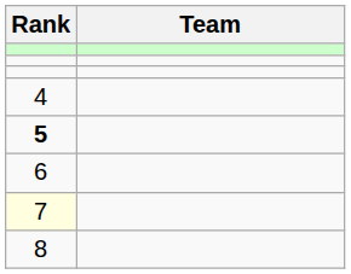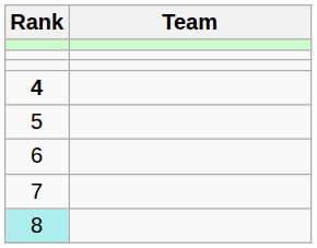 <table class="wikitable">
 <tr>
 <th>Rank</th>
 <th width=170>Team</th>
 </tr>
 <tr bgcolor=#ccffcc>
 <td align=center></td>
 <td></td>
 </tr>
 <tr>
 <td align=center></td>
 <td></td>
 </tr>
 <tr>
 <td align=center></td>
 <td></td>
 </tr>
 <tr>
-<td align=center>4</td>
+<td align=center><strong>4</strong></td>
 <td></td>
 </tr>
 <tr>
-<td align=center><strong>5</strong></td>
+<td align=center>5</td>
 <td></td>
 </tr>
 <tr>
 <td align=center>6</td>
 <td></td>
 </tr>
 <tr>
-<td align=center style="background: lightyellow;">7</td>
+<td align=center>7</td>
 <td></td>
 </tr>
 <tr>
-<td align=center>8</td>
+<td align=center style="background: paleturquoise;">8</td>
 <td></td>
 </tr>
 </table>
